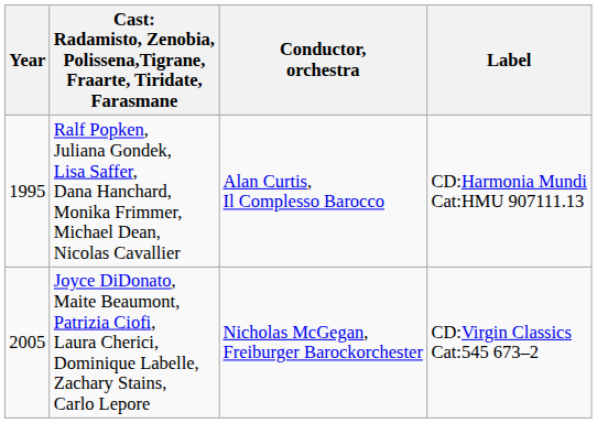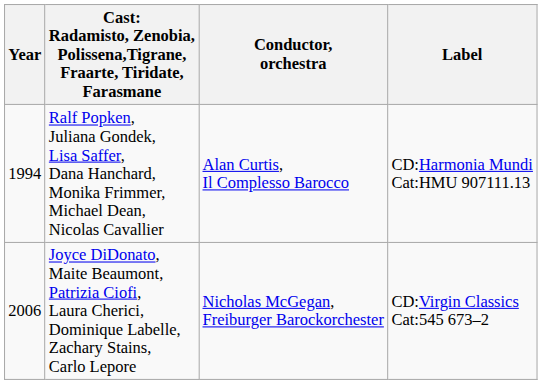 <table class="wikitable">
 <tr>
 <th>Year</th>
 <th>Cast:<br>Radamisto, Zenobia,<br>Polissena,Tigrane,<br>Fraarte, Tiridate,<br>Farasmane</th>
 <th>Conductor,<br>orchestra</th>
 <th>Label</th>
 </tr>
 <tr>
-<td>1995</td>
+<td>1994</td>
 <td><a href='#'>Ralf Popken</a>,<br>Juliana Gondek,<br><a href='#'>Lisa Saffer</a>,<br>Dana Hanchard,<br>Monika Frimmer,<br>Michael Dean,<br>Nicolas Cavallier</td>
 <td><a href='#'>Alan Curtis</a>,<br><a href='#'>Il Complesso Barocco</a></td>
 <td>CD:<a href='#'>Harmonia Mundi</a><br>Cat:HMU 907111.13</td>
 </tr>
 <tr>
-<td>2005</td>
+<td>2006</td>
 <td><a href='#'>Joyce DiDonato</a>,<br>Maite Beaumont,<br><a href='#'>Patrizia Ciofi</a>,<br>Laura Cherici,<br>Dominique Labelle,<br>Zachary Stains,<br> Carlo Lepore</td>
 <td><a href='#'>Nicholas McGegan</a>,<br><a href='#'>Freiburger Barockorchester</a></td>
 <td>CD:<a href='#'>Virgin Classics</a><br>Cat:545 673–2</td>
 </tr>
 </table>
